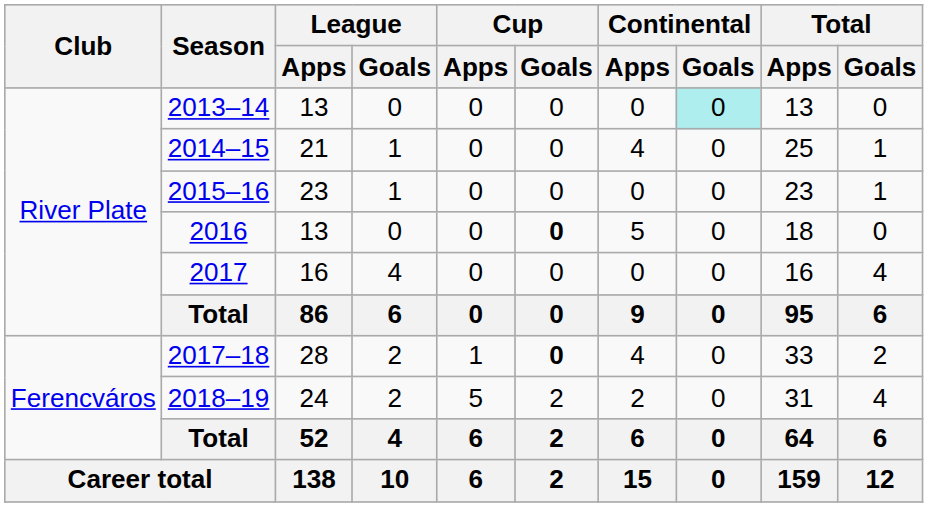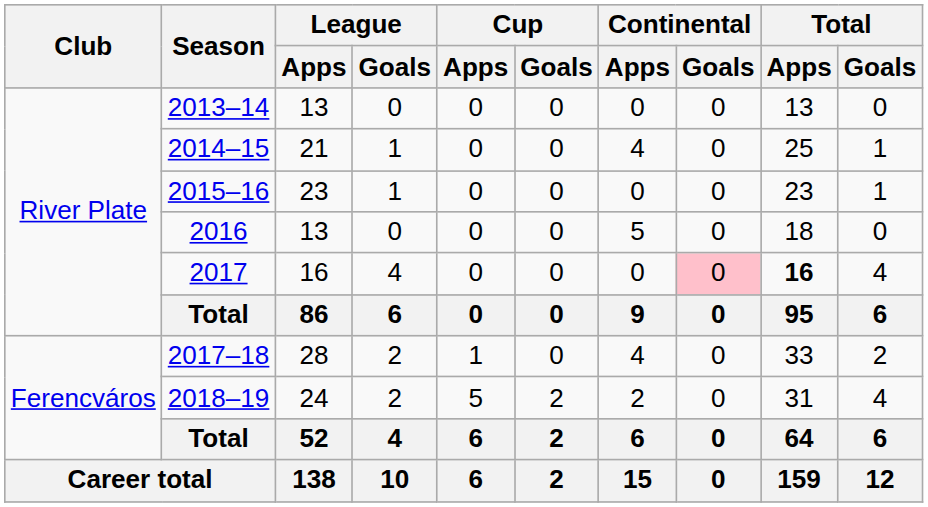 <table class="wikitable" style="text-align: center;">
 <tr>
 <th rowspan="2">Club</th>
 <th rowspan="2">Season</th>
 <th colspan="2">League</th>
 <th colspan="2">Cup</th>
 <th colspan="2">Continental</th>
 <th colspan="2">Total</th>
 </tr>
 <tr>
 <th>Apps</th>
 <th>Goals</th>
 <th>Apps</th>
 <th>Goals</th>
 <th>Apps</th>
 <th>Goals</th>
 <th>Apps</th>
 <th>Goals</th>
 </tr>
 <tr>
 <td rowspan="6"><a href='#'>River Plate</a></td>
 <td><a href='#'>2013–14</a></td>
 <td>13</td>
 <td>0</td>
 <td>0</td>
 <td>0</td>
 <td>0</td>
-<td style="background: paleturquoise;">0</td>
+<td>0</td>
 <td>13</td>
 <td>0</td>
 </tr>
 <tr>
 <td><a href='#'>2014–15</a></td>
 <td>21</td>
 <td>1</td>
 <td>0</td>
 <td>0</td>
 <td>4</td>
 <td>0</td>
 <td>25</td>
 <td>1</td>
 </tr>
 <tr>
 <td><a href='#'>2015–16</a></td>
 <td>23</td>
 <td>1</td>
 <td>0</td>
 <td>0</td>
 <td>0</td>
 <td>0</td>
 <td>23</td>
 <td>1</td>
 </tr>
 <tr>
 <td><a href='#'>2016</a></td>
 <td>13</td>
 <td>0</td>
 <td>0</td>
-<td><strong>0</strong></td>
+<td>0</td>
 <td>5</td>
 <td>0</td>
 <td>18</td>
 <td>0</td>
 </tr>
 <tr>
 <td><a href='#'>2017</a></td>
 <td>16</td>
 <td>4</td>
 <td>0</td>
 <td>0</td>
 <td>0</td>
-<td>0</td>
-<td>16</td>
+<td style="background: pink;">0</td>
+<td><strong>16</strong></td>
 <td>4</td>
 </tr>
 <tr>
 <th>Total</th>
 <th>86</th>
 <th>6</th>
 <th>0</th>
 <th>0</th>
 <th>9</th>
 <th>0</th>
 <th>95</th>
 <th>6</th>
 </tr>
 <tr>
 <td rowspan="3"><a href='#'>Ferencváros</a></td>
 <td><a href='#'>2017–18</a></td>
 <td>28</td>
 <td>2</td>
 <td>1</td>
-<td><strong>0</strong></td>
+<td>0</td>
 <td>4</td>
 <td>0</td>
 <td>33</td>
 <td>2</td>
 </tr>
 <tr>
 <td><a href='#'>2018–19</a></td>
 <td>24</td>
 <td>2</td>
 <td>5</td>
 <td>2</td>
 <td>2</td>
 <td>0</td>
 <td>31</td>
 <td>4</td>
 </tr>
 <tr>
 <th>Total</th>
 <th>52</th>
 <th>4</th>
 <th>6</th>
 <th>2</th>
 <th>6</th>
 <th>0</th>
 <th>64</th>
 <th>6</th>
 </tr>
 <tr>
 <th colspan="2">Career total</th>
 <th>138</th>
 <th>10</th>
 <th>6</th>
 <th>2</th>
 <th>15</th>
 <th>0</th>
 <th>159</th>
 <th>12</th>
 </tr>
 </table>
